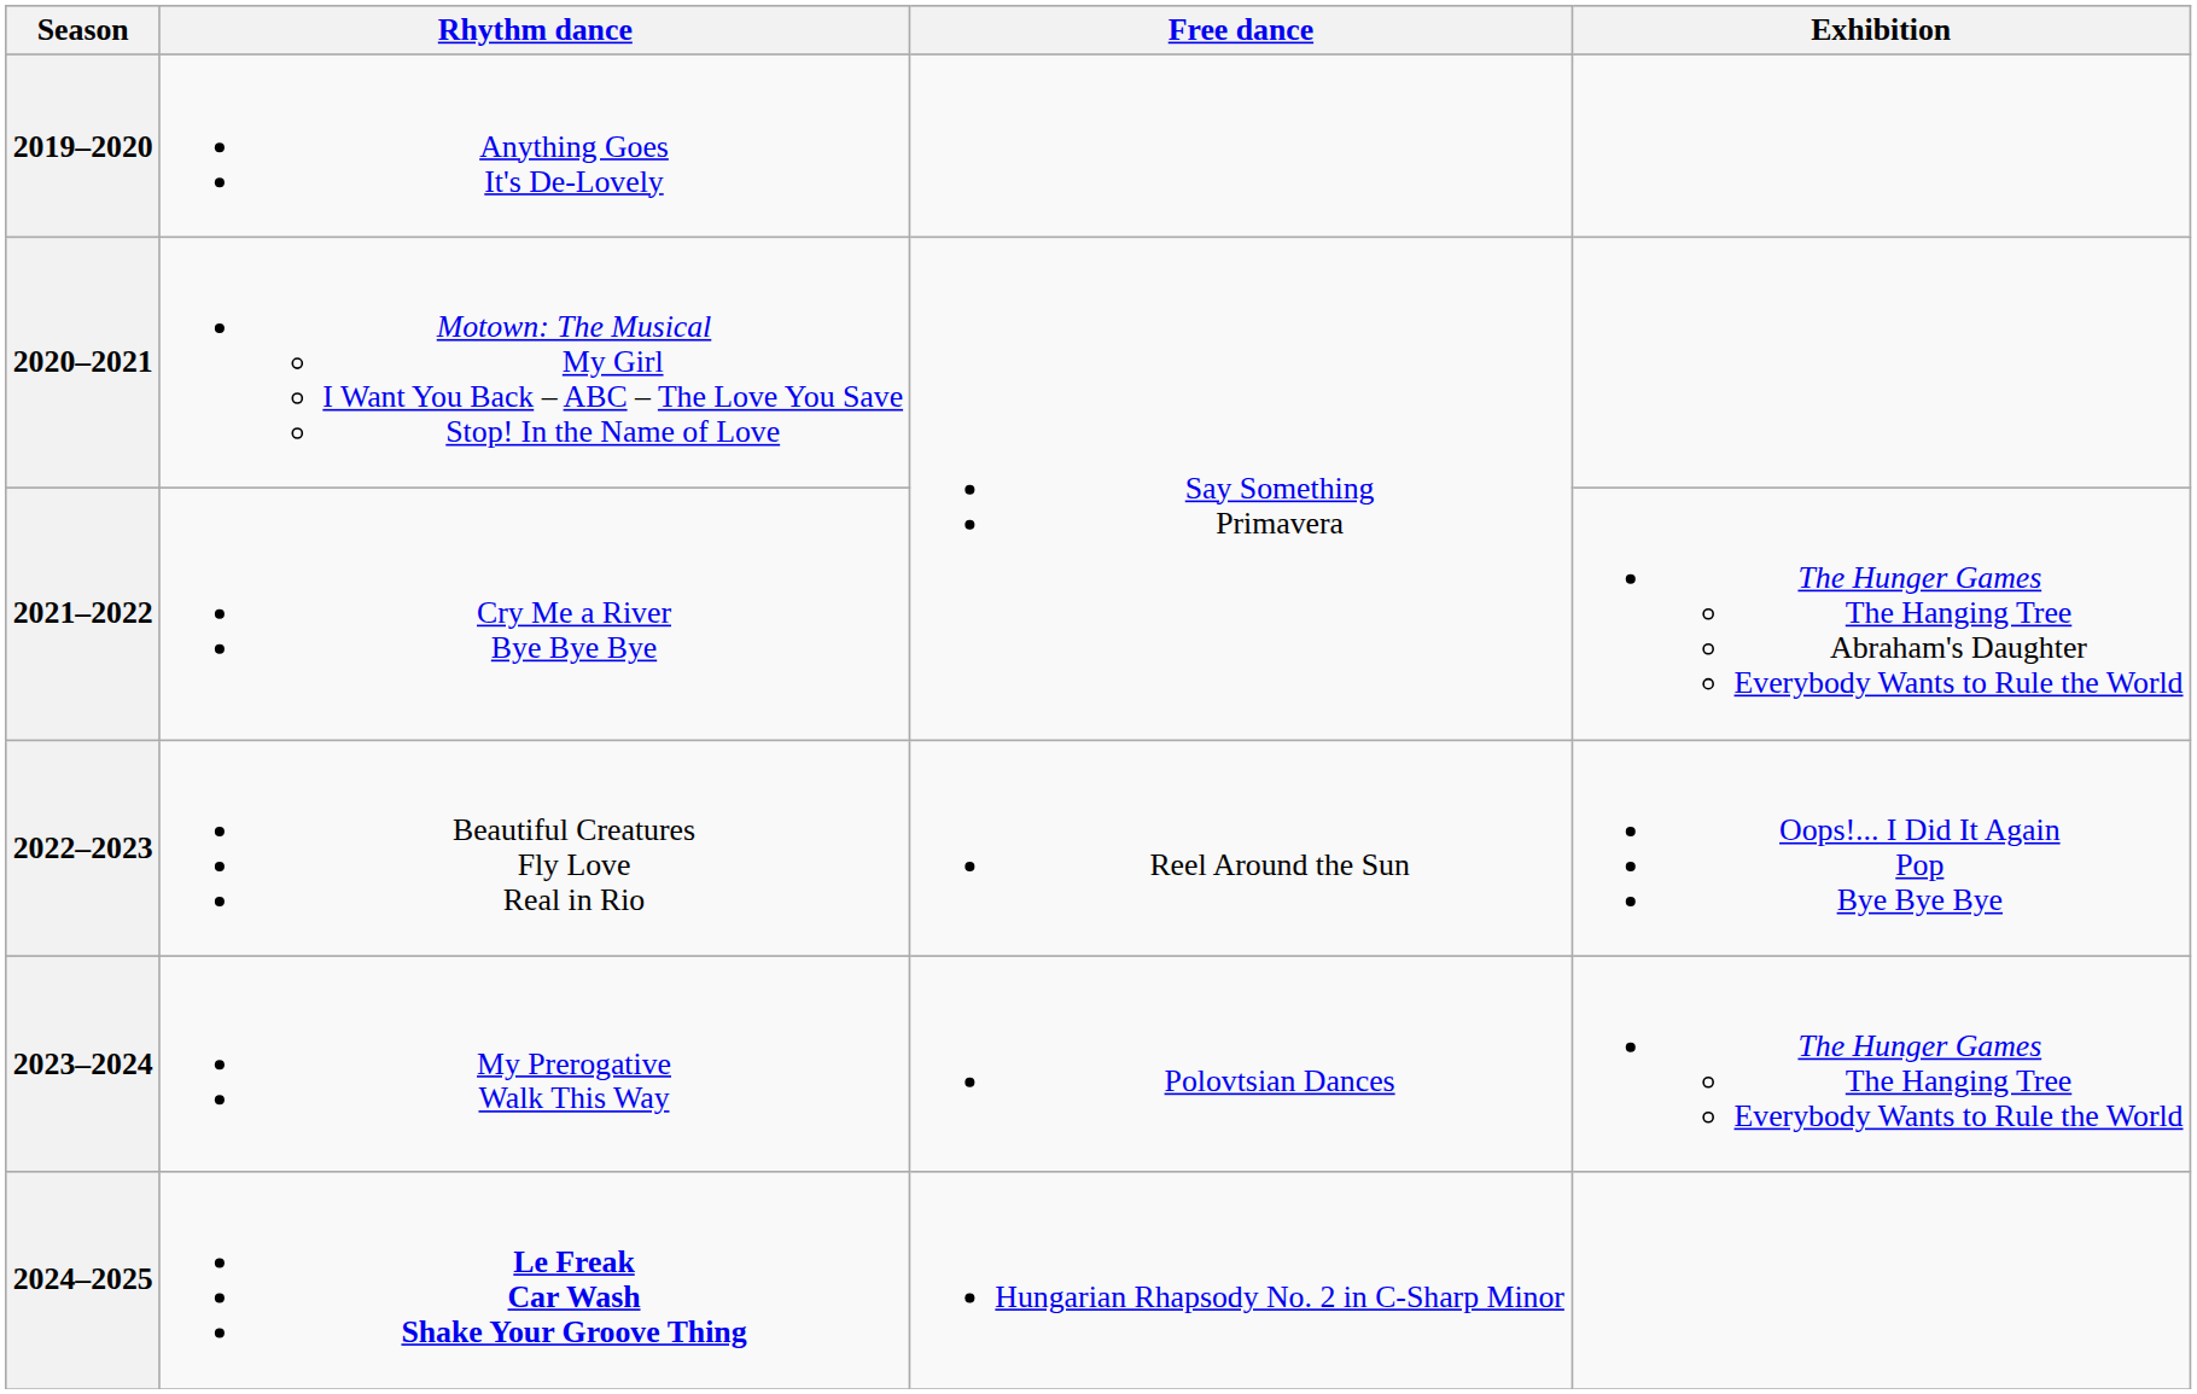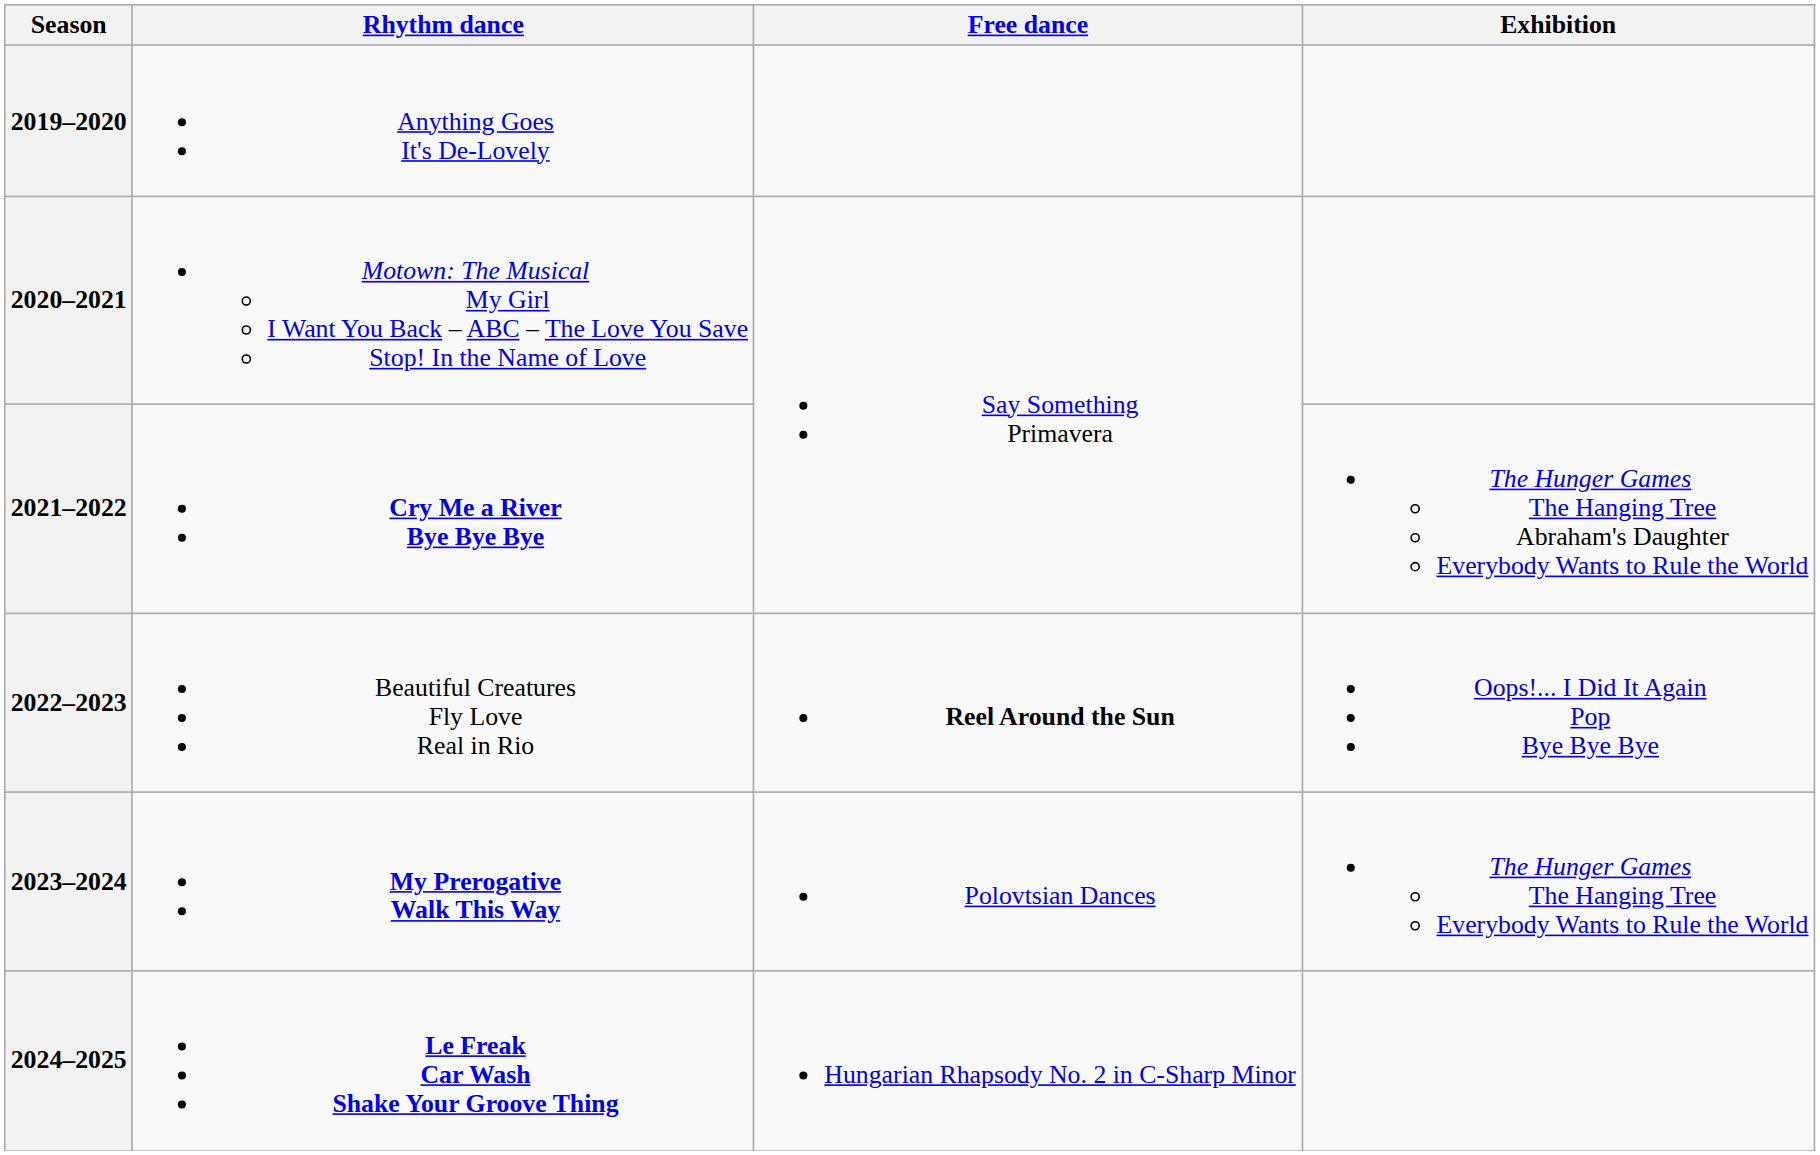 <table class=wikitable style=text-align:center>
 <tr>
 <th>Season</th>
 <th><a href='#'>Rhythm dance</a></th>
 <th><a href='#'>Free dance</a></th>
 <th>Exhibition</th>
 </tr>
 <tr>
 <th>2019–2020 <br></th>
 <td><br><ul><li><a href='#'>Anything Goes</a> <br> </li><li><a href='#'>It's De-Lovely</a> <br> </li></ul></td>
 <td></td>
 </tr>
 <tr>
 <th>2020–2021 <br></th>
 <td><br><ul><li><em><a href='#'>Motown: The Musical</a></em><ul><li><a href='#'>My Girl</a></li><li><a href='#'>I Want You Back</a> – <a href='#'>ABC</a> – <a href='#'>The Love You Save</a></li><li><a href='#'>Stop! In the Name of Love</a> <br> </li></ul></li></ul></td>
 <td rowspan="2"><br><ul><li><a href='#'>Say Something</a> <br> </li><li>Primavera <br> </li></ul></td>
 <td></td>
 </tr>
 <tr>
 <th>2021–2022 <br></th>
-<td><br><ul><li><a href='#'>Cry Me a River</a> <br> </li><li><a href='#'>Bye Bye Bye</a> <br> </li></ul></td>
+<td><strong><br><ul><li><a href='#'>Cry Me a River</a> <br> </li><li><a href='#'>Bye Bye Bye</a> <br> </li></ul></strong></td>
 <td><br><ul><li><em><a href='#'>The Hunger Games</a></em><ul><li><a href='#'>The Hanging Tree</a> <br> </li><li>Abraham's Daughter <br> </li><li><a href='#'>Everybody Wants to Rule the World</a> <br> </li></ul></li></ul></td>
 </tr>
 <tr>
 <th>2022–2023 <br></th>
 <td><br><ul><li> Beautiful Creatures <br> </li><li> Fly Love <br> </li><li> Real in Rio <br> </li></ul></td>
-<td><br><ul><li>Reel Around the Sun <br> </li></ul></td>
+<td><strong><br><ul><li>Reel Around the Sun <br> </li></ul></strong></td>
 <td><br><ul><li><a href='#'>Oops!... I Did It Again</a> <br> </li><li><a href='#'>Pop</a></li><li><a href='#'>Bye Bye Bye</a> <br> </li></ul></td>
 </tr>
 <tr>
 <th>2023–2024 <br> </th>
-<td><br><ul><li><a href='#'>My Prerogative</a> <br> </li><li><a href='#'>Walk This Way</a> <br> </li></ul></td>
+<td><strong><br><ul><li><a href='#'>My Prerogative</a> <br> </li><li><a href='#'>Walk This Way</a> <br> </li></ul></strong></td>
 <td><br><ul><li><a href='#'>Polovtsian Dances</a> <br> </li></ul></td>
 <td><br><ul><li><em><a href='#'>The Hunger Games</a></em><ul><li><a href='#'>The Hanging Tree</a> <br> </li><li><a href='#'>Everybody Wants to Rule the World</a> <br> </li></ul></li></ul></td>
 </tr>
 <tr>
 <th>2024–2025 <br> </th>
 <td><strong><br><ul><li><a href='#'>Le Freak</a> <br> </li><li><a href='#'>Car Wash</a> <br> </li><li><a href='#'>Shake Your Groove Thing</a> <br> </li></ul></strong></td>
 <td><br><ul><li><a href='#'>Hungarian Rhapsody No. 2 in C-Sharp Minor</a> <br> </li></ul></td>
 <td></td>
 </tr>
 </table>
